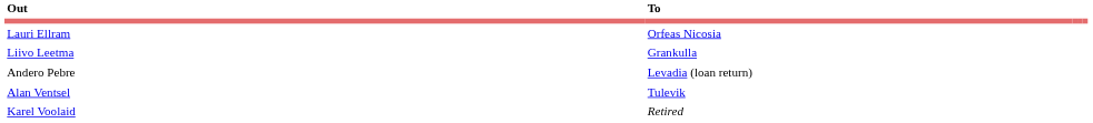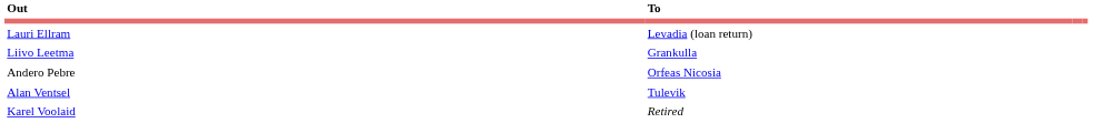 <table cellspacing="0" cellpadding="3" style="width:100%;font-size:90%">
 <tr>
 <td style="width:60%"><strong>Out</strong></td>
 <td style="width:40%"><strong>To</strong></td>
 <td></td>
 </tr>
 <tr style="background-color:#E46C6D;">
 <td></td>
 <td></td>
 <td></td>
 <td></td>
 <td></td>
 </tr>
 <tr>
 <td> <a href='#'>Lauri Ellram</a></td>
-<td> <a href='#'>Orfeas Nicosia</a></td>
+<td> <a href='#'>Levadia</a> (loan return)</td>
 </tr>
 <tr>
 <td> <a href='#'>Liivo Leetma</a></td>
 <td> <a href='#'>Grankulla</a></td>
 </tr>
 <tr>
 <td> Andero Pebre</td>
-<td> <a href='#'>Levadia</a> (loan return)</td>
+<td> <a href='#'>Orfeas Nicosia</a></td>
 </tr>
 <tr>
 <td> <a href='#'>Alan Ventsel</a></td>
 <td> <a href='#'>Tulevik</a></td>
 </tr>
 <tr>
 <td> <a href='#'>Karel Voolaid</a></td>
 <td> <em>Retired</em></td>
 </tr>
 </table>
